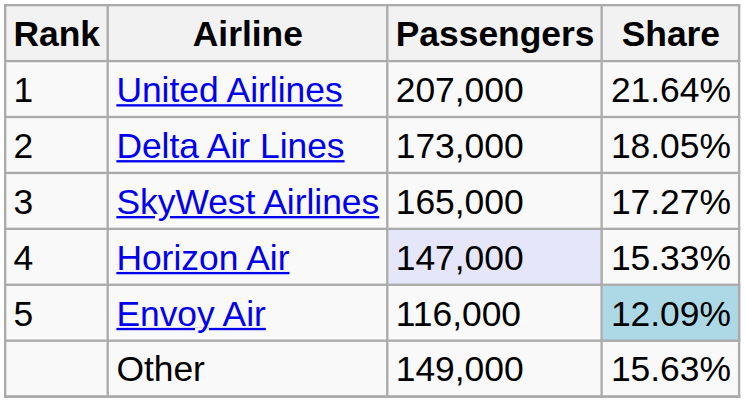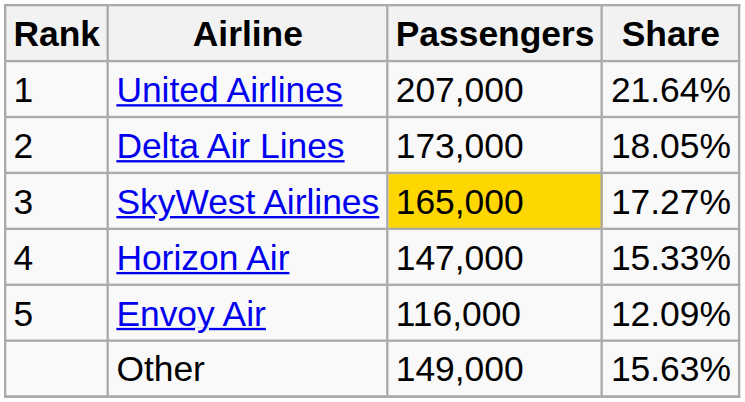 <table class="wikitable sortable" style="font-size: 95%">
 <tr>
 <th>Rank</th>
 <th>Airline</th>
 <th>Passengers</th>
 <th>Share</th>
 </tr>
 <tr>
 <td>1</td>
 <td><a href='#'>United Airlines</a></td>
 <td>207,000</td>
 <td>21.64%</td>
 </tr>
 <tr>
 <td>2</td>
 <td><a href='#'>Delta Air Lines</a></td>
 <td>173,000</td>
 <td>18.05%</td>
 </tr>
 <tr>
 <td>3</td>
 <td><a href='#'>SkyWest Airlines</a></td>
-<td>165,000</td>
+<td style="background: gold;">165,000</td>
 <td>17.27%</td>
 </tr>
 <tr>
 <td>4</td>
 <td><a href='#'>Horizon Air</a></td>
-<td style="background: lavender;">147,000</td>
+<td>147,000</td>
 <td>15.33%</td>
 </tr>
 <tr>
 <td>5</td>
 <td><a href='#'>Envoy Air</a></td>
 <td>116,000</td>
-<td style="background: lightblue;">12.09%</td>
+<td>12.09%</td>
 </tr>
 <tr>
 <td></td>
 <td>Other</td>
 <td>149,000</td>
 <td>15.63%</td>
 </tr>
 <tr>
 </tr>
 </table>
